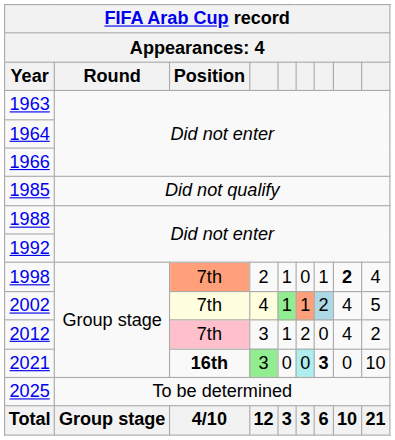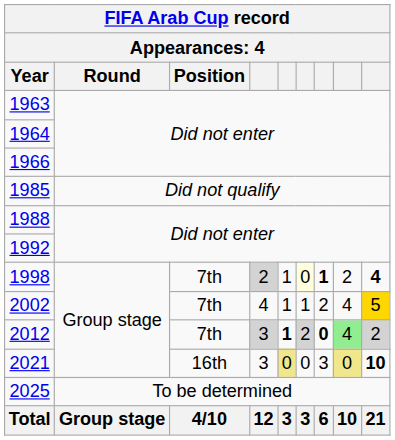 <table class="wikitable" style="text-align: center;">
 <tr>
 <th colspan=9><a href='#'>FIFA Arab Cup</a> record</th>
 </tr>
 <tr>
 <th colspan=9>Appearances: 4</th>
 </tr>
 <tr>
 <th>Year</th>
 <th>Round</th>
 <th>Position</th>
 <th></th>
 <th></th>
 <th></th>
 <th></th>
 <th></th>
 <th></th>
 </tr>
 <tr>
 <td> <a href='#'>1963</a></td>
 <td colspan=8 rowspan=3><em>Did not enter</em></td>
 </tr>
 <tr>
 <td> <a href='#'>1964</a></td>
 </tr>
 <tr>
 <td> <a href='#'>1966</a></td>
 </tr>
 <tr>
 <td> <a href='#'>1985</a></td>
 <td colspan=8><em>Did not qualify</em></td>
 </tr>
 <tr>
 <td> <a href='#'>1988</a></td>
 <td colspan=8 rowspan=2><em>Did not enter</em></td>
 </tr>
 <tr>
 <td> <a href='#'>1992</a></td>
 </tr>
 <tr>
 <td> <a href='#'>1998</a></td>
 <td rowspan=4>Group stage</td>
-<td style="background: lightsalmon;">7th</td>
+<td>7th</td>
+<td style="background: lightgrey;">2</td>
+<td>1</td>
+<td style="background: lightyellow;">0</td>
+<td><strong>1</strong></td>
 <td>2</td>
-<td>1</td>
-<td>0</td>
-<td>1</td>
-<td><strong>2</strong></td>
-<td>4</td>
+<td><strong>4</strong></td>
 </tr>
 <tr>
 <td> <a href='#'>2002</a></td>
-<td style="background: lightyellow;">7th</td>
-<td style="background: lightyellow;">4</td>
-<td style="background: lightgreen;">1</td>
-<td style="background: lightsalmon;">1</td>
-<td style="background: lightblue;">2</td>
+<td>7th</td>
 <td>4</td>
-<td>5</td>
+<td>1</td>
+<td>1</td>
+<td>2</td>
+<td>4</td>
+<td style="background: gold;">5</td>
 </tr>
 <tr>
 <td> <a href='#'>2012</a></td>
-<td style="background: pink;">7th</td>
-<td>3</td>
-<td>1</td>
-<td>2</td>
-<td>0</td>
-<td>4</td>
-<td>2</td>
+<td>7th</td>
+<td style="background: lightgrey;">3</td>
+<td><strong>1</strong></td>
+<td style="background: lightgrey;">2</td>
+<td><strong>0</strong></td>
+<td style="background: lightgreen;">4</td>
+<td style="background: lightgrey;">2</td>
 </tr>
 <tr>
 <td> <a href='#'>2021</a></td>
-<td><strong>16th</strong></td>
-<td style="background: lightgreen;">3</td>
+<td>16th</td>
+<td>3</td>
+<td style="background: khaki;">0</td>
 <td>0</td>
-<td style="background: paleturquoise;">0</td>
-<td><strong>3</strong></td>
-<td>0</td>
-<td>10</td>
+<td>3</td>
+<td style="background: khaki;">0</td>
+<td><strong>10</strong></td>
 </tr>
 <tr>
 <td> <a href='#'>2025</a></td>
 <td colspan="8" rowspan="1">To be determined</td>
 </tr>
 <tr>
 <th>Total</th>
 <th>Group stage</th>
 <th>4/10</th>
 <th>12</th>
 <th>3</th>
 <th>3</th>
 <th>6</th>
 <th>10</th>
 <th>21</th>
 </tr>
 </table>
